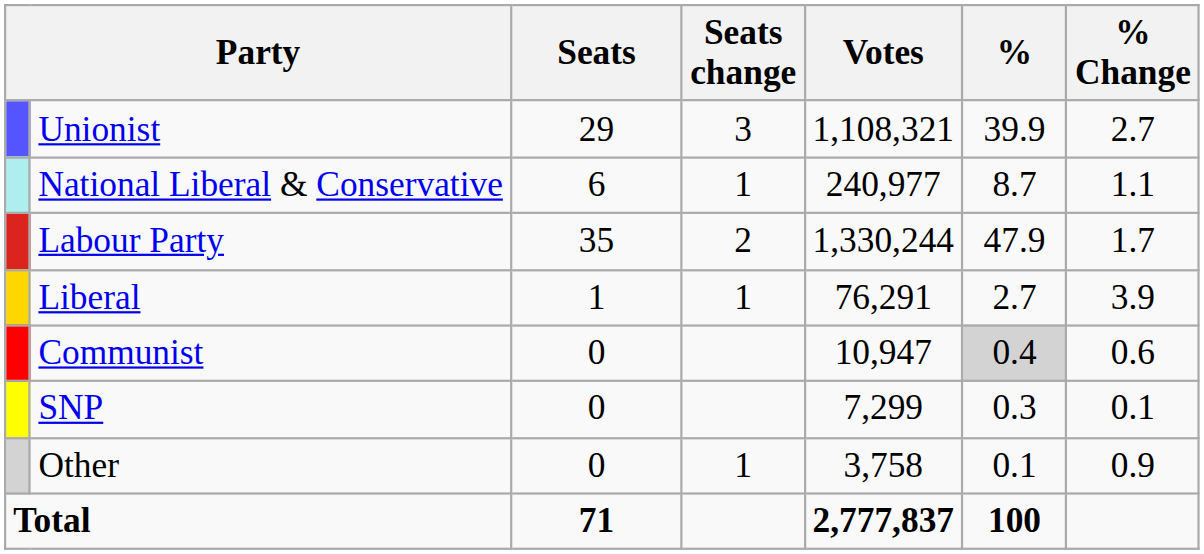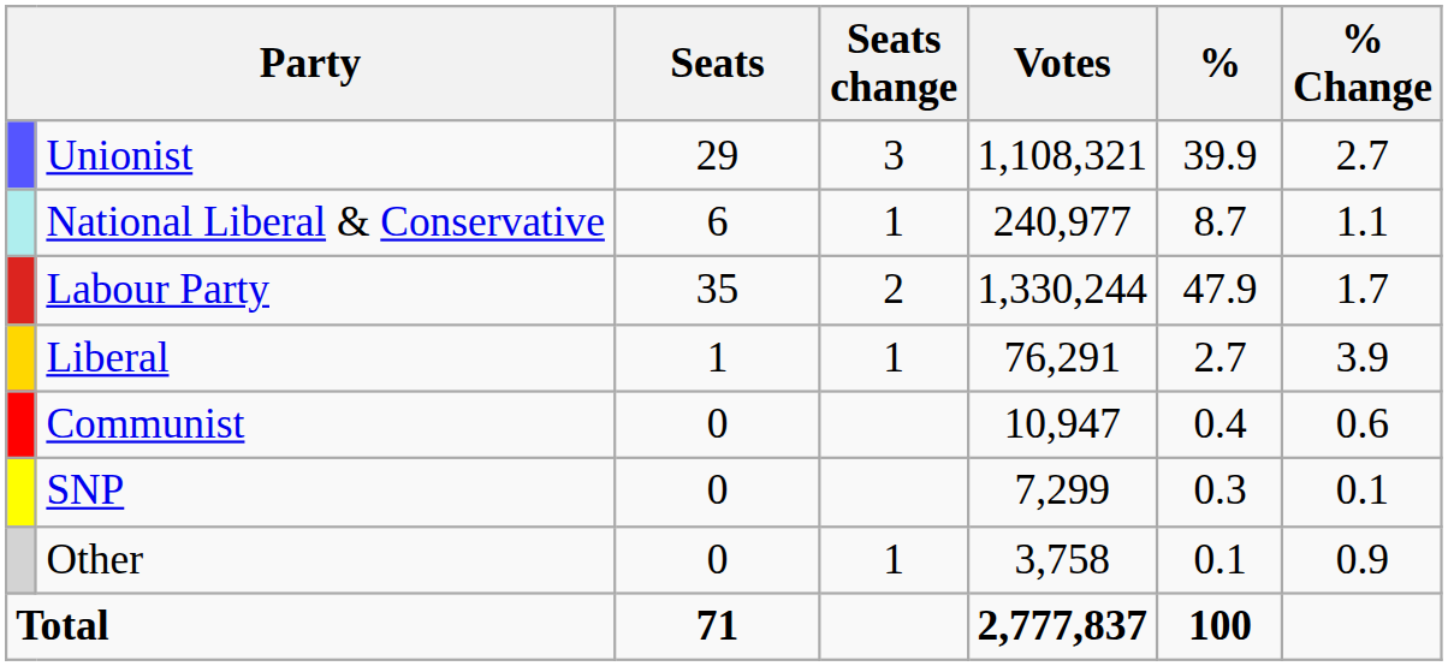 <table class="wikitable sortable">
 <tr>
 <th style="width:200px" colspan=3>Party</th>
 <th style="width:70px;">Seats</th>
 <th style="width:40px;">Seats change</th>
 <th style="width:40px;">Votes</th>
 <th style="width:40px;">%</th>
 <th style="width:40px;">% Change</th>
 </tr>
 <tr>
 <td style="background-color:#5555FF"> </td>
 <td colspan=2><a href='#'>Unionist</a></td>
 <td align="center">29</td>
 <td align="center"> 3</td>
 <td align="center">1,108,321</td>
 <td align="center">39.9</td>
 <td align="center"> 2.7</td>
 </tr>
 <tr>
 <td style="background-color:#AFEEEE"> </td>
 <td colspan=2><a href='#'>National Liberal</a> & <a href='#'>Conservative</a></td>
 <td align="center">6</td>
 <td align="center"> 1</td>
 <td align="center">240,977</td>
 <td align="center">8.7</td>
 <td align="center"> 1.1</td>
 </tr>
 <tr>
 <td style="background-color:#DC241f"> </td>
 <td colspan=2><a href='#'>Labour Party</a></td>
 <td align=center>35</td>
 <td align=center> 2</td>
 <td align=center>1,330,244</td>
 <td align=center>47.9</td>
 <td align=center> 1.7</td>
 </tr>
 <tr>
 <td style="background-color:#FFD700"> </td>
 <td colspan=2><a href='#'>Liberal</a></td>
 <td align=center>1</td>
 <td align=center> 1</td>
 <td align=center>76,291</td>
 <td align=center>2.7</td>
 <td align=center> 3.9</td>
 </tr>
 <tr>
 <td style="background-color:#FF0000"> </td>
 <td colspan=2><a href='#'>Communist</a></td>
 <td align=center>0</td>
 <td align=center></td>
 <td align=center>10,947</td>
-<td align=center style="background: lightgrey;">0.4</td>
+<td align=center>0.4</td>
 <td align=center> 0.6</td>
 </tr>
 <tr>
 <td style="background-color:#FFFF00"> </td>
 <td colspan=2><a href='#'>SNP</a></td>
 <td align=center>0</td>
 <td align=center></td>
 <td align=center>7,299</td>
 <td align=center>0.3</td>
 <td align=center> 0.1</td>
 </tr>
 <tr>
 <td style="background-color:#D3D3D3"> </td>
 <td colspan=2>Other</td>
 <td align=center>0</td>
 <td align=center> 1</td>
 <td align=center>3,758</td>
 <td align=center>0.1</td>
 <td align=center> 0.9</td>
 </tr>
 <tr>
 <td colspan=3><strong>Total</strong></td>
 <td align=center><strong>71</strong></td>
 <td align=center></td>
 <td align=center><strong>2,777,837</strong></td>
 <td align=center><strong>100</strong></td>
 <td align=center></td>
 </tr>
 </table>
